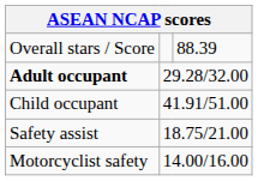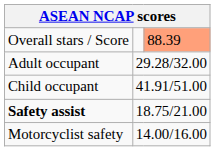 <table class="wikitable">
 <tr>
 <th colspan="3"><a href='#'>ASEAN NCAP</a> scores</th>
 </tr>
 <tr>
 <td>Overall stars / Score</td>
 <td></td>
-<td>88.39</td>
+<td style="background: lightsalmon;">88.39</td>
 </tr>
 <tr>
-<td><strong>Adult occupant</strong></td>
+<td>Adult occupant</td>
 <td colspan="2">29.28/32.00</td>
 </tr>
 <tr>
 <td>Child occupant</td>
 <td colspan="2">41.91/51.00</td>
 </tr>
 <tr>
-<td>Safety assist</td>
+<td><strong>Safety assist</strong></td>
 <td colspan="2">18.75/21.00</td>
 </tr>
 <tr>
 <td>Motorcyclist safety</td>
 <td colspan="2">14.00/16.00</td>
 </tr>
 </table>
